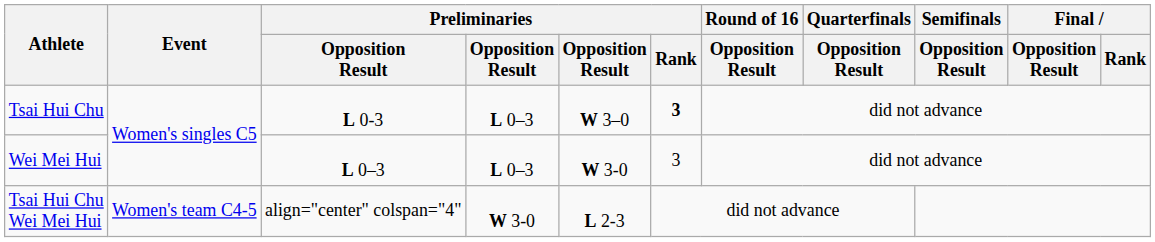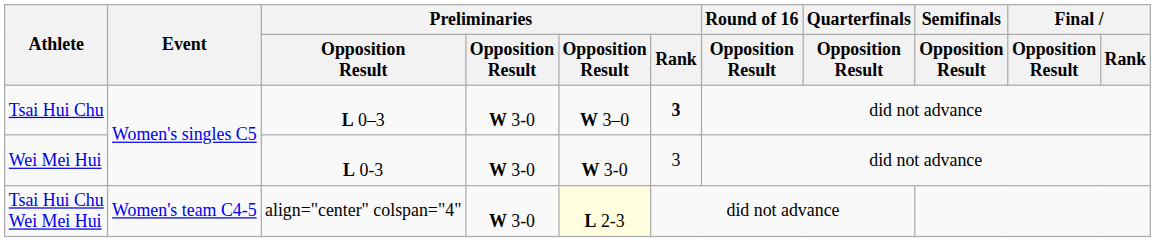 <table class=wikitable style="font-size:90%">
 <tr>
 <th rowspan="2">Athlete</th>
 <th rowspan="2">Event</th>
 <th colspan="4">Preliminaries</th>
 <th>Round of 16</th>
 <th>Quarterfinals</th>
 <th>Semifinals</th>
 <th colspan="2">Final / </th>
 </tr>
 <tr>
 <th>Opposition<br>Result</th>
 <th>Opposition<br>Result</th>
 <th>Opposition<br>Result</th>
 <th>Rank</th>
 <th>Opposition<br>Result</th>
 <th>Opposition<br>Result</th>
 <th>Opposition<br>Result</th>
 <th>Opposition<br>Result</th>
 <th>Rank</th>
 </tr>
 <tr>
 <td><a href='#'>Tsai Hui Chu</a></td>
 <td rowspan="2"><a href='#'>Women's singles C5</a></td>
-<td align="center"><br><strong>L</strong> 0-3</td>
 <td align="center"><br><strong>L</strong> 0–3</td>
+<td align="center"><br><strong>W</strong> 3-0</td>
 <td align="center"><br><strong>W</strong> 3–0</td>
 <td align="center"><strong>3</strong></td>
 <td align="center" colspan="5">did not advance</td>
 </tr>
 <tr>
 <td><a href='#'>Wei Mei Hui</a></td>
-<td align="center"><br><strong>L</strong> 0–3</td>
-<td align="center"><br><strong>L</strong> 0–3</td>
+<td align="center"><br><strong>L</strong> 0-3</td>
+<td align="center"><br><strong>W</strong> 3-0</td>
 <td align="center"><br><strong>W</strong> 3-0</td>
 <td align="center">3</td>
 <td align="center" colspan="5">did not advance</td>
 </tr>
 <tr>
 <td><a href='#'>Tsai Hui Chu</a><br> <a href='#'>Wei Mei Hui</a></td>
 <td><a href='#'>Women's team C4-5</a></td>
 <td>align="center" colspan="4" </td>
 <td align="center"><br><strong>W</strong> 3-0</td>
-<td align="center"><br><strong>L</strong> 2-3</td>
+<td align="center" style="background: lightyellow;"><br><strong>L</strong> 2-3</td>
 <td align="center" colspan="3">did not advance</td>
 </tr>
 </table>
